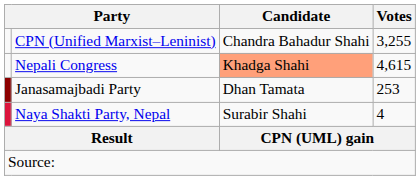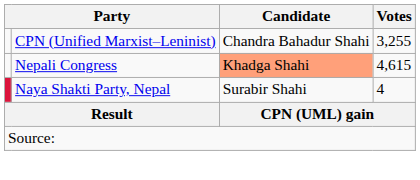 <table class="wikitable">
 <tr>
 <th colspan="2">Party</th>
 <th>Candidate</th>
 <th>Votes</th>
 </tr>
 <tr>
 <td style="background-color:"></td>
 <td><a href='#'>CPN (Unified Marxist–Leninist)</a></td>
 <td>Chandra Bahadur Shahi</td>
 <td>3,255</td>
 </tr>
 <tr>
 <td style="background-color:"></td>
 <td><a href='#'>Nepali Congress</a></td>
 <td style="background: lightsalmon;">Khadga Shahi</td>
 <td>4,615</td>
 </tr>
 <tr>
-<td style="background-color:darkred"></td>
-<td>Janasamajbadi Party</td>
-<td>Dhan Tamata</td>
-<td>253</td>
-</tr>
-<tr>
 <td style="background-color:crimson"></td>
 <td><a href='#'>Naya Shakti Party, Nepal</a></td>
 <td>Surabir Shahi</td>
 <td>4</td>
 </tr>
 <tr>
 <th colspan="2">Result</th>
 <th colspan="2">CPN (UML) gain</th>
 </tr>
 <tr>
 <td colspan="4">Source: </td>
 </tr>
 </table>
